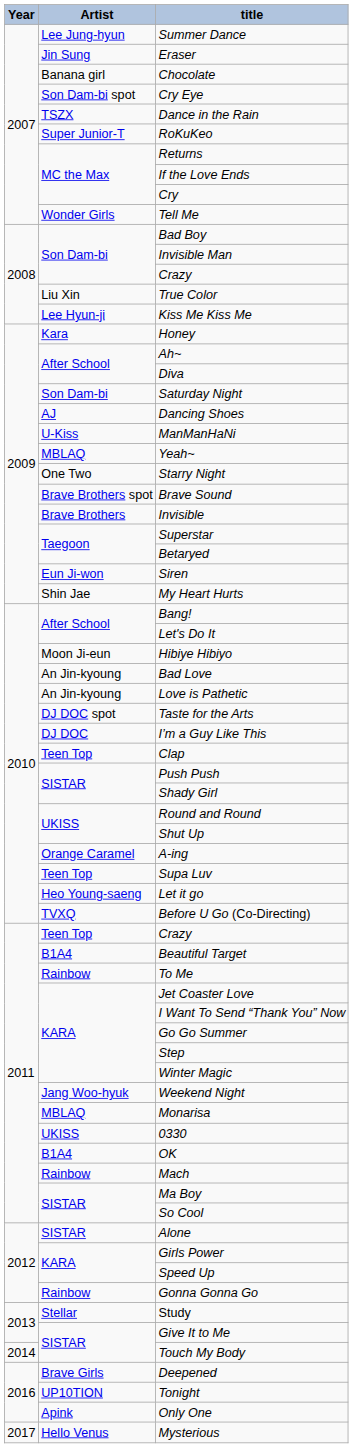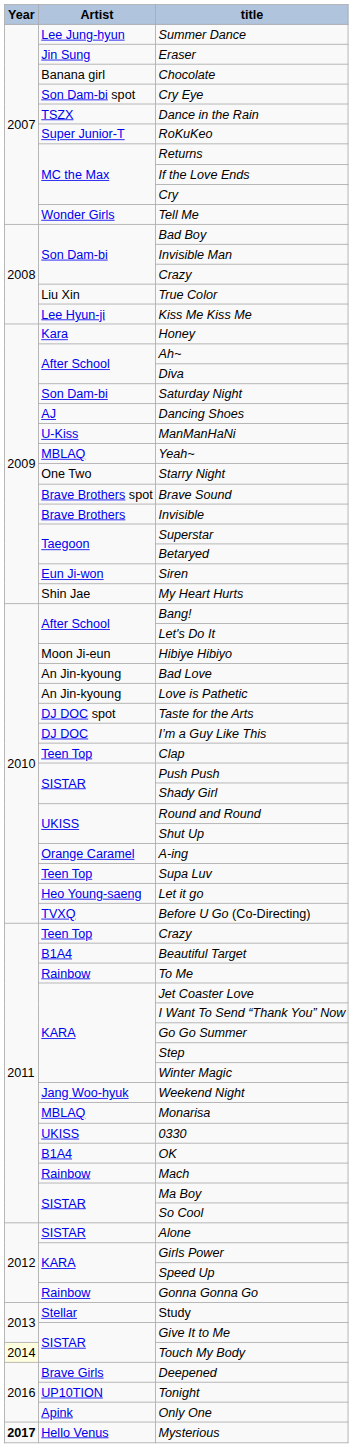 <table class="wikitable" style="font-size:95%;">
 <tr>
 <th style="background:#B0C4DE;">Year</th>
 <th style="background:#B0C4DE;">Artist</th>
 <th style="background:#B0C4DE;">title</th>
 </tr>
 <tr>
 <td rowspan="10">2007</td>
 <td><a href='#'>Lee Jung-hyun</a></td>
 <td><em>Summer Dance</em></td>
 </tr>
 <tr>
 <td><a href='#'>Jin Sung</a></td>
 <td><em>Eraser</em></td>
 </tr>
 <tr>
 <td>Banana girl</td>
 <td><em>Chocolate</em></td>
 </tr>
 <tr>
 <td><a href='#'>Son Dam-bi</a> spot</td>
 <td><em>Cry Eye</em></td>
 </tr>
 <tr>
 <td><a href='#'>TSZX</a></td>
 <td><em>Dance in the Rain</em></td>
 </tr>
 <tr>
 <td><a href='#'>Super Junior-T</a></td>
 <td><em>RoKuKeo</em></td>
 </tr>
 <tr>
 <td rowspan="3"><a href='#'>MC the Max</a></td>
 <td><em>Returns</em></td>
 </tr>
 <tr>
 <td><em>If the Love Ends</em></td>
 </tr>
 <tr>
 <td><em>Cry</em></td>
 </tr>
 <tr>
 <td><a href='#'>Wonder Girls</a></td>
 <td><em>Tell Me</em></td>
 </tr>
 <tr>
 <td rowspan="5">2008</td>
 <td rowspan="3"><a href='#'>Son Dam-bi</a></td>
 <td><em>Bad Boy</em></td>
 </tr>
 <tr>
 <td><em>Invisible Man</em></td>
 </tr>
 <tr>
 <td><em>Crazy</em></td>
 </tr>
 <tr>
 <td>Liu Xin</td>
 <td><em>True Color</em></td>
 </tr>
 <tr>
 <td><a href='#'>Lee Hyun-ji</a></td>
 <td><em>Kiss Me Kiss Me</em></td>
 </tr>
 <tr>
 <td rowspan="14">2009</td>
 <td><a href='#'>Kara</a></td>
 <td><em>Honey</em></td>
 </tr>
 <tr>
 <td rowspan="2"><a href='#'>After School</a></td>
 <td><em>Ah~</em></td>
 </tr>
 <tr>
 <td><em>Diva</em></td>
 </tr>
 <tr>
 <td><a href='#'>Son Dam-bi</a></td>
 <td><em>Saturday Night</em></td>
 </tr>
 <tr>
 <td><a href='#'>AJ</a></td>
 <td><em>Dancing Shoes</em></td>
 </tr>
 <tr>
 <td><a href='#'>U-Kiss</a></td>
 <td><em>ManManHaNi</em></td>
 </tr>
 <tr>
 <td><a href='#'>MBLAQ</a></td>
 <td><em>Yeah~</em></td>
 </tr>
 <tr>
 <td>One Two</td>
 <td><em>Starry Night</em></td>
 </tr>
 <tr>
 <td><a href='#'>Brave Brothers</a> spot</td>
 <td><em>Brave Sound</em></td>
 </tr>
 <tr>
 <td><a href='#'>Brave Brothers</a></td>
 <td><em>Invisible</em></td>
 </tr>
 <tr>
 <td rowspan="2"><a href='#'>Taegoon</a></td>
 <td><em>Superstar</em></td>
 </tr>
 <tr>
 <td><em>Betaryed</em></td>
 </tr>
 <tr>
 <td><a href='#'>Eun Ji-won</a></td>
 <td><em>Siren</em></td>
 </tr>
 <tr>
 <td>Shin Jae</td>
 <td><em>My Heart Hurts</em></td>
 </tr>
 <tr>
 <td rowspan="16">2010</td>
 <td rowspan="2"><a href='#'>After School</a></td>
 <td><em>Bang!</em></td>
 </tr>
 <tr>
 <td><em>Let's Do It</em></td>
 </tr>
 <tr>
 <td>Moon Ji-eun</td>
 <td><em>Hibiye Hibiyo</em></td>
 </tr>
 <tr>
 <td>An Jin-kyoung</td>
 <td><em>Bad Love</em></td>
 </tr>
 <tr>
 <td>An Jin-kyoung</td>
 <td><em>Love is Pathetic</em></td>
 </tr>
 <tr>
 <td><a href='#'>DJ DOC</a> spot</td>
 <td><em>Taste for the Arts</em></td>
 </tr>
 <tr>
 <td><a href='#'>DJ DOC</a></td>
 <td><em>I’m a Guy Like This</em></td>
 </tr>
 <tr>
 <td><a href='#'>Teen Top</a></td>
 <td><em>Clap</em></td>
 </tr>
 <tr>
 <td rowspan="2"><a href='#'>SISTAR</a></td>
 <td><em>Push Push</em></td>
 </tr>
 <tr>
 <td><em>Shady Girl</em></td>
 </tr>
 <tr>
 <td rowspan="2"><a href='#'>UKISS</a></td>
 <td><em>Round and Round</em></td>
 </tr>
 <tr>
 <td><em>Shut Up</em></td>
 </tr>
 <tr>
 <td><a href='#'>Orange Caramel</a></td>
 <td><em>A-ing</em></td>
 </tr>
 <tr>
 <td><a href='#'>Teen Top</a></td>
 <td><em>Supa Luv</em></td>
 </tr>
 <tr>
 <td><a href='#'>Heo Young-saeng</a></td>
 <td><em>Let it go</em></td>
 </tr>
 <tr>
 <td><a href='#'>TVXQ</a></td>
 <td><em>Before U Go</em> (Co-Directing)</td>
 </tr>
 <tr>
 <td rowspan="15">2011</td>
 <td><a href='#'>Teen Top</a></td>
 <td><em>Crazy</em></td>
 </tr>
 <tr>
 <td><a href='#'>B1A4</a></td>
 <td><em>Beautiful Target</em></td>
 </tr>
 <tr>
 <td><a href='#'>Rainbow</a></td>
 <td><em>To Me</em></td>
 </tr>
 <tr>
 <td rowspan="5"><a href='#'>KARA</a></td>
 <td><em>Jet Coaster Love</em></td>
 </tr>
 <tr>
 <td><em>I Want To Send “Thank You” Now</em></td>
 </tr>
 <tr>
 <td><em>Go Go Summer</em></td>
 </tr>
 <tr>
 <td><em>Step</em></td>
 </tr>
 <tr>
 <td><em>Winter Magic</em></td>
 </tr>
 <tr>
 <td><a href='#'>Jang Woo-hyuk</a></td>
 <td><em>Weekend Night</em></td>
 </tr>
 <tr>
 <td><a href='#'>MBLAQ</a></td>
 <td><em>Monarisa</em></td>
 </tr>
 <tr>
 <td><a href='#'>UKISS</a></td>
 <td><em>0330</em></td>
 </tr>
 <tr>
 <td><a href='#'>B1A4</a></td>
 <td><em>OK</em></td>
 </tr>
 <tr>
 <td><a href='#'>Rainbow</a></td>
 <td><em>Mach</em></td>
 </tr>
 <tr>
 <td rowspan="2"><a href='#'>SISTAR</a></td>
 <td><em>Ma Boy</em></td>
 </tr>
 <tr>
 <td><em>So Cool</em></td>
 </tr>
 <tr>
 <td rowspan="4">2012</td>
 <td><a href='#'>SISTAR</a></td>
 <td><em>Alone</em></td>
 </tr>
 <tr>
 <td rowspan="2"><a href='#'>KARA</a></td>
 <td><em>Girls Power</em></td>
 </tr>
 <tr>
 <td><em>Speed Up</em></td>
 </tr>
 <tr>
 <td><a href='#'>Rainbow</a></td>
 <td><em>Gonna Gonna Go</em></td>
 </tr>
 <tr>
 <td rowspan="2">2013</td>
 <td><a href='#'>Stellar</a></td>
 <td>Study</td>
 </tr>
 <tr>
 <td rowspan="2"><a href='#'>SISTAR</a></td>
 <td><em>Give It to Me</em></td>
 </tr>
 <tr>
-<td>2014</td>
+<td style="background: lightyellow;">2014</td>
 <td><em>Touch My Body</em></td>
 </tr>
 <tr>
 <td rowspan="3">2016</td>
 <td><a href='#'>Brave Girls</a></td>
 <td><em>Deepened</em></td>
 </tr>
 <tr>
 <td><a href='#'>UP10TION</a></td>
 <td><em>Tonight</em></td>
 </tr>
 <tr>
 <td><a href='#'>Apink</a></td>
 <td><em>Only One</em></td>
 </tr>
 <tr>
-<td>2017</td>
+<td><strong>2017</strong></td>
 <td><a href='#'>Hello Venus</a></td>
 <td><em>Mysterious</em></td>
 </tr>
 </table>
